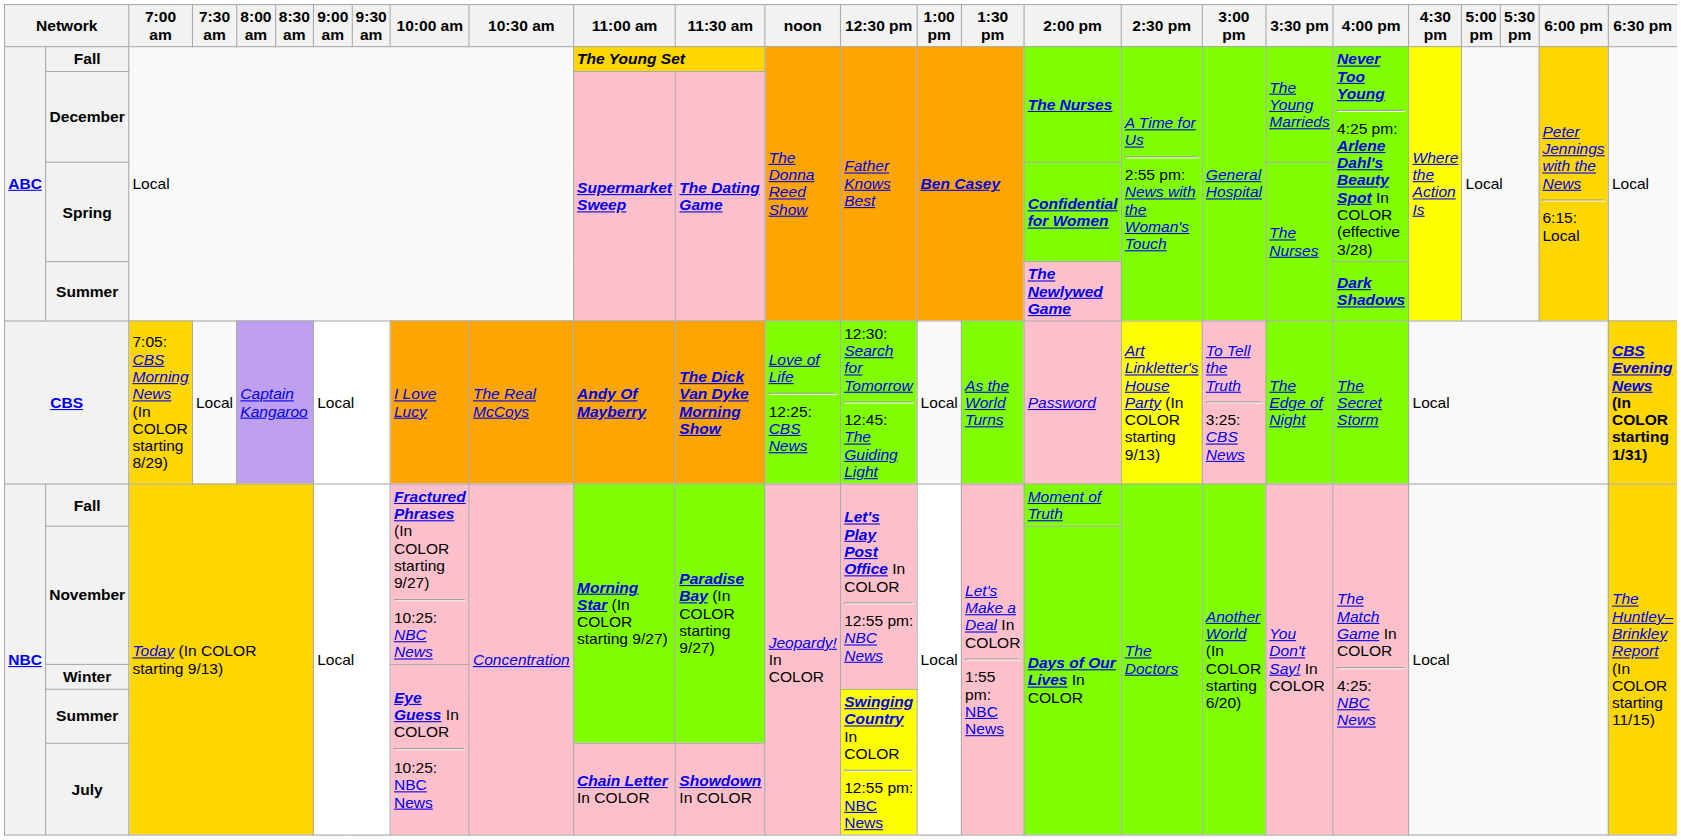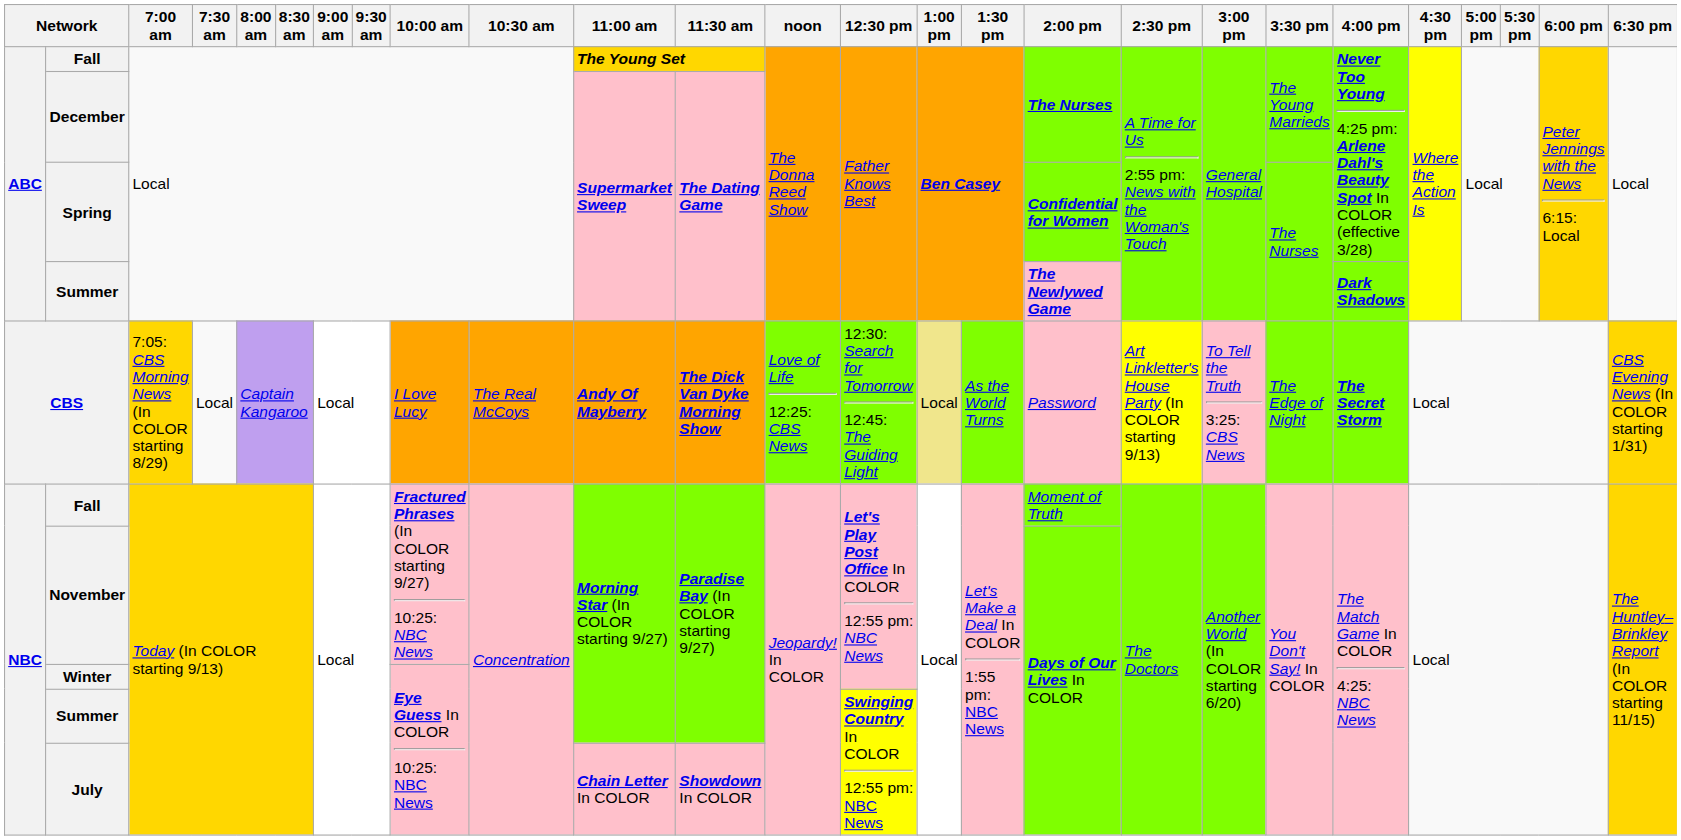 <table class=wikitable style="font-size:90%">
 <tr>
 <th width="1.5%" bgcolor="#C0C0C0" colspan="2">Network</th>
 <th width="4%" bgcolor="#C0C0C0">7:00 am</th>
 <th width="4%" bgcolor="#C0C0C0">7:30 am</th>
 <th width="4%" bgcolor="#C0C0C0">8:00 am</th>
 <th width="4%" bgcolor="#C0C0C0">8:30 am</th>
 <th width="4%" bgcolor="#C0C0C0">9:00 am</th>
 <th width="4%" bgcolor="#C0C0C0">9:30 am</th>
 <th width="4%" bgcolor="#C0C0C0">10:00 am</th>
 <th width="4%" bgcolor="#C0C0C0">10:30 am</th>
 <th width="4%" bgcolor="#C0C0C0">11:00 am</th>
 <th width="4%" bgcolor="#C0C0C0">11:30 am</th>
 <th width="4%" bgcolor="#C0C0C0">noon</th>
 <th width="4%" bgcolor="#C0C0C0">12:30 pm</th>
 <th width="4%" bgcolor="#C0C0C0">1:00 pm</th>
 <th width="4%" bgcolor="#C0C0C0">1:30 pm</th>
 <th width="4%" bgcolor="#C0C0C0">2:00 pm</th>
 <th width="4%" bgcolor="#C0C0C0">2:30 pm</th>
 <th width="4%" bgcolor="#C0C0C0">3:00 pm</th>
 <th width="4%" bgcolor="#C0C0C0">3:30 pm</th>
 <th width="4%" bgcolor="#C0C0C0">4:00 pm</th>
 <th>4:30 pm</th>
 <th>5:00 pm</th>
 <th>5:30 pm</th>
 <th>6:00 pm</th>
 <th>6:30 pm</th>
 </tr>
 <tr>
 <th rowspan="4" bgcolor="#C0C0C0"><a href='#'>ABC</a></th>
 <th>Fall</th>
 <td colspan="8" rowspan="4">Local</td>
 <td colspan="2" bgcolor="gold"><strong><em>The Young Set</em></strong></td>
 <td rowspan="4" bgcolor="orange"><em><a href='#'>The Donna Reed Show</a></em> </td>
 <td rowspan="4" bgcolor="orange"><em><a href='#'>Father Knows Best</a></em> </td>
 <td colspan="2" rowspan="4" bgcolor="orange"><strong><em><a href='#'>Ben Casey</a></em></strong> </td>
 <td rowspan="2" bgcolor="chartreuse"><strong><em><a href='#'>The Nurses</a></em></strong></td>
 <td rowspan="4" bgcolor="chartreuse"><em><a href='#'>A Time for Us</a></em><hr>2:55 pm: <em><a href='#'>News with the Woman's Touch</a></em></td>
 <td rowspan="4" bgcolor="chartreuse"><em><a href='#'>General Hospital</a></em></td>
 <td rowspan="2" bgcolor="chartreuse"><em><a href='#'>The Young Marrieds</a></em></td>
 <td rowspan="3" bgcolor="chartreuse"><strong><em><a href='#'>Never Too Young</a></em></strong><hr>4:25 pm: <strong><em><a href='#'>Arlene Dahl's Beauty Spot</a></em></strong> In <span>C</span><span>O</span><span>L</span><span>O</span><span>R</span> (effective 3/28)</td>
 <td rowspan="4" bgcolor="yellow"><em><a href='#'>Where the Action Is</a></em></td>
 <td colspan="2" rowspan="4">Local</td>
 <td rowspan="4" bgcolor="gold"><em><a href='#'>Peter Jennings with the News</a></em><hr>6:15: Local</td>
 <td rowspan="4">Local</td>
 </tr>
 <tr>
 <th>December</th>
 <td rowspan="3" bgcolor="pink"><strong><em><a href='#'>Supermarket Sweep</a></em></strong></td>
 <td rowspan="3" bgcolor="pink"><strong><em><a href='#'>The Dating Game</a></em></strong></td>
 </tr>
 <tr>
 <th>Spring</th>
 <td bgcolor="chartreuse"><strong><em><a href='#'>Confidential for Women</a></em></strong></td>
 <td rowspan="2" bgcolor="chartreuse"><em><a href='#'>The Nurses</a></em></td>
 </tr>
 <tr>
 <th>Summer</th>
 <td bgcolor="pink"><strong><em><a href='#'>The Newlywed Game</a></em></strong></td>
 <td bgcolor="chartreuse"><strong><em><a href='#'>Dark Shadows</a></em></strong></td>
 </tr>
 <tr>
 <th colspan="2" bgcolor="#C0C0C0"><a href='#'>CBS</a></th>
 <td bgcolor="gold">7:05: <em><a href='#'>CBS Morning News</a></em> (In <span>C</span><span>O</span><span>L</span><span>O</span><span>R</span> starting 8/29)</td>
 <td>Local</td>
 <td colspan="2" bgcolor="bf9fef"><em><a href='#'>Captain Kangaroo</a></em></td>
 <td colspan="2" bgcolor="white">Local</td>
 <td bgcolor="orange"><em><a href='#'>I Love Lucy</a></em> </td>
 <td bgcolor="orange"><em><a href='#'>The Real McCoys</a></em> </td>
 <td bgcolor="orange"><strong><em><a href='#'>Andy Of Mayberry</a></em> </strong></td>
 <td bgcolor="orange"><strong><em><a href='#'>The Dick Van Dyke Morning Show</a></em></strong> </td>
 <td bgcolor="chartreuse"><em><a href='#'>Love of Life</a></em><hr>12:25: <em><a href='#'>CBS News</a></em></td>
 <td bgcolor="chartreuse">12:30: <em><a href='#'>Search for Tomorrow</a></em><hr>12:45: <em><a href='#'>The Guiding Light</a></em></td>
-<td>Local</td>
+<td style="background: khaki;">Local</td>
 <td bgcolor="chartreuse"><em><a href='#'>As the World Turns</a></em></td>
 <td bgcolor="pink"><em><a href='#'>Password</a></em></td>
 <td bgcolor="yellow"><em><a href='#'>Art Linkletter's House Party</a></em> (In <span>C</span><span>O</span><span>L</span><span>O</span><span>R</span> starting 9/13)</td>
 <td bgcolor="pink"><em><a href='#'>To Tell the Truth</a></em><hr>3:25: <em><a href='#'>CBS News</a></em></td>
 <td bgcolor="chartreuse"><em><a href='#'>The Edge of Night</a></em></td>
-<td bgcolor="chartreuse"><em><a href='#'>The Secret Storm</a></em></td>
+<td bgcolor="chartreuse"><strong><em><a href='#'>The Secret Storm</a></em></strong></td>
 <td colspan="4">Local</td>
-<td bgcolor="gold"><strong><em><a href='#'>CBS Evening News</a></em> (In <span>C</span><span>O</span><span>L</span><span>O</span><span>R</span> starting 1/31)</strong></td>
+<td bgcolor="gold"><em><a href='#'>CBS Evening News</a></em> (In <span>C</span><span>O</span><span>L</span><span>O</span><span>R</span> starting 1/31)</td>
 </tr>
 <tr>
 <th rowspan="5" bgcolor="#C0C0C0"><a href='#'>NBC</a></th>
 <th>Fall</th>
 <td colspan="4" rowspan="5" bgcolor="gold"><em><a href='#'>Today</a></em> (In <span>C</span><span>O</span><span>L</span><span>O</span><span>R</span> starting 9/13)</td>
 <td colspan="2" rowspan="5" bgcolor="white">Local</td>
 <td rowspan="2" bgcolor="pink"><strong><em><a href='#'>Fractured Phrases</a></em></strong> (In <span>C</span><span>O</span><span>L</span><span>O</span><span>R</span> starting 9/27)<hr>10:25: <em><a href='#'>NBC News</a></em></td>
 <td rowspan="5" bgcolor="pink"><em><a href='#'>Concentration</a></em></td>
 <td rowspan="4" bgcolor="chartreuse"><strong><em><a href='#'>Morning Star</a></em></strong> (In <span>C</span><span>O</span><span>L</span><span>O</span><span>R</span> starting 9/27)</td>
 <td rowspan="4" bgcolor="chartreuse"><strong><em><a href='#'>Paradise Bay</a></em></strong> (In <span>C</span><span>O</span><span>L</span><span>O</span><span>R</span> starting 9/27)</td>
 <td rowspan="5" bgcolor="pink"><em><a href='#'>Jeopardy!</a></em> In <span>C</span><span>O</span><span>L</span><span>O</span><span>R</span></td>
 <td rowspan="3" bgcolor="pink"><strong><em><a href='#'>Let's Play Post Office</a></em></strong> In <span>C</span><span>O</span><span>L</span><span>O</span><span>R</span><hr>12:55 pm: <em><a href='#'>NBC News</a></em></td>
 <td rowspan="5" bgcolor="white">Local</td>
 <td rowspan="5" bgcolor="pink"><em><a href='#'>Let's Make a Deal</a></em> In <span>C</span><span>O</span><span>L</span><span>O</span><span>R</span><hr>1:55 pm: <a href='#'>NBC News</a></td>
 <td bgcolor="chartreuse"><em><a href='#'>Moment of Truth</a></em></td>
 <td rowspan="5" bgcolor="chartreuse"><em><a href='#'>The Doctors</a></em></td>
 <td rowspan="5" bgcolor="chartreuse"><em><a href='#'>Another World</a></em> (In <span>C</span><span>O</span><span>L</span><span>O</span><span>R</span> starting 6/20)</td>
 <td rowspan="5" bgcolor="pink"><em><a href='#'>You Don't Say!</a></em> In <span>C</span><span>O</span><span>L</span><span>O</span><span>R</span></td>
 <td rowspan="5" bgcolor="pink"><em><a href='#'>The Match Game</a></em> In <span>C</span><span>O</span><span>L</span><span>O</span><span>R</span><hr>4:25: <em><a href='#'>NBC News</a></em></td>
 <td colspan="4" rowspan="5">Local</td>
 <td rowspan="5" bgcolor="gold"><em><a href='#'>The Huntley</em>–<em>Brinkley Report</a></em> (In <span>C</span><span>O</span><span>L</span><span>O</span><span>R</span> starting 11/15)</td>
 </tr>
 <tr>
 <th>November</th>
 <td rowspan="4" bgcolor="chartreuse"><strong><em><a href='#'>Days of Our Lives</a></em></strong> In <span>C</span><span>O</span><span>L</span><span>O</span><span>R</span></td>
 </tr>
 <tr>
 <th>Winter</th>
 <td rowspan="3" bgcolor="pink"><strong><em><a href='#'>Eye Guess</a></em></strong> In <span>C</span><span>O</span><span>L</span><span>O</span><span>R</span><hr>10:25: <a href='#'>NBC News</a></td>
 </tr>
 <tr>
 <th>Summer</th>
 <td rowspan="2" bgcolor="yellow"><strong><em><a href='#'>Swinging Country</a></em></strong> In <span>C</span><span>O</span><span>L</span><span>O</span><span>R</span><hr>12:55 pm: <a href='#'>NBC News</a></td>
 </tr>
 <tr>
 <th>July</th>
 <td bgcolor="pink"><a href='#'><strong><em>Chain Letter</em></strong></a> In <span>C</span><span>O</span><span>L</span><span>O</span><span>R</span></td>
 <td bgcolor="pink"><strong><em><a href='#'>Showdown</a></em></strong> In <span>C</span><span>O</span><span>L</span><span>O</span><span>R</span></td>
 </tr>
 </table>
